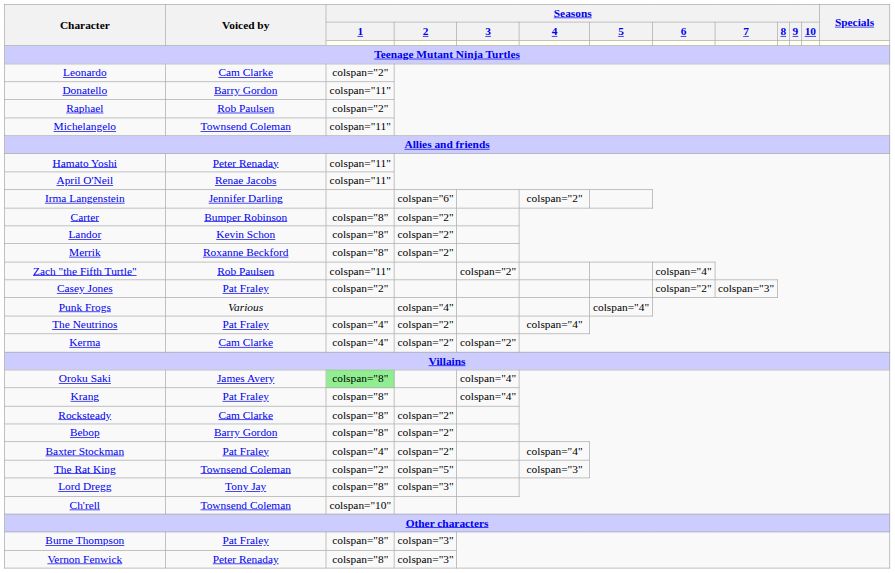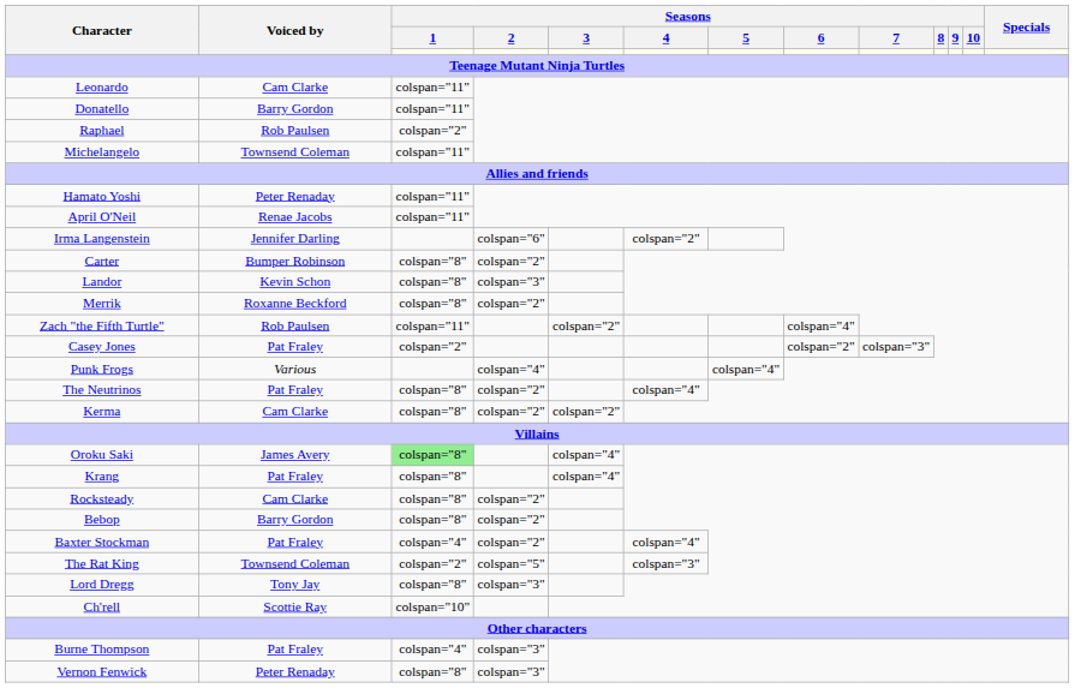 <table class="wikitable plainrowheaders" style="text-align:center;">
 <tr>
 <th scope="col" width="16%" rowspan="3">Character</th>
 <th scope="col" width="16%" rowspan="3">Voiced by</th>
 <th scope="col" colspan="10"><a href='#'>Seasons</a></th>
 <th scope="col" width="7%" rowspan="2"><a href='#'>Specials</a></th>
 </tr>
 <tr>
 <th width="1%"><a href='#'>1</a></th>
 <th width="1%"><a href='#'>2</a></th>
 <th width="1%"><a href='#'>3</a></th>
 <th width="7%"><a href='#'>4</a></th>
 <th width="1%"><a href='#'>5</a></th>
 <th width="1%"><a href='#'>6</a></th>
 <th width="1%"><a href='#'>7</a></th>
 <th width="1%"><a href='#'>8</a></th>
 <th width="1%"><a href='#'>9</a></th>
 <th width="1%"><a href='#'>10</a></th>
 </tr>
 <tr>
 <th style="background:ivory;"></th>
 <th style="background:ivory;"></th>
 <th style="background:ivory;"></th>
 <th style="background:ivory;"></th>
 <th style="background:ivory;"></th>
 <th style="background:ivory;"></th>
 <th style="background:ivory;"></th>
 <th style="background:ivory;"></th>
 <th style="background:ivory;"></th>
 <th style="background:ivory;"></th>
 <th style="background:ivory;"></th>
 </tr>
 <tr>
 <th colspan="13" style="background:#ccf;"><a href='#'>Teenage Mutant Ninja Turtles</a></th>
 </tr>
 <tr>
 <td scope="row"><a href='#'>Leonardo</a></td>
 <td><a href='#'>Cam Clarke</a></td>
-<td>colspan="2" </td>
+<td>colspan="11" </td>
 </tr>
 <tr>
 <td scope="row"><a href='#'>Donatello</a></td>
 <td><a href='#'>Barry Gordon</a></td>
 <td>colspan="11" </td>
 </tr>
 <tr>
 <td scope="row"><a href='#'>Raphael</a></td>
 <td><a href='#'>Rob Paulsen</a></td>
 <td>colspan="2" </td>
 </tr>
 <tr>
 <td scope="row"><a href='#'>Michelangelo</a></td>
 <td><a href='#'>Townsend Coleman</a></td>
 <td>colspan="11" </td>
 </tr>
 <tr>
 <th colspan="13" style="background:#ccf;"><a href='#'>Allies and friends</a></th>
 </tr>
 <tr>
 <td scope="row"><a href='#'>Hamato Yoshi<br></a></td>
 <td><a href='#'>Peter Renaday</a></td>
 <td>colspan="11" </td>
 </tr>
 <tr>
 <td scope="row"><a href='#'>April O'Neil</a></td>
 <td><a href='#'>Renae Jacobs</a></td>
 <td>colspan="11" </td>
 </tr>
 <tr>
 <td scope="row"><a href='#'>Irma Langenstein</a></td>
 <td><a href='#'>Jennifer Darling</a></td>
 <td></td>
 <td>colspan="6" </td>
 <td></td>
 <td>colspan="2" </td>
 <td></td>
 </tr>
 <tr>
 <td scope="row"><a href='#'>Carter</a></td>
 <td><a href='#'>Bumper Robinson</a></td>
 <td>colspan="8" </td>
 <td>colspan="2" </td>
 <td></td>
 </tr>
 <tr>
 <td scope="row"><a href='#'>Landor</a></td>
 <td><a href='#'>Kevin Schon</a></td>
 <td>colspan="8" </td>
-<td>colspan="2" </td>
+<td>colspan="3" </td>
 <td></td>
 </tr>
 <tr>
 <td scope="row"><a href='#'>Merrik</a></td>
 <td><a href='#'>Roxanne Beckford</a></td>
 <td>colspan="8" </td>
 <td>colspan="2" </td>
 <td></td>
 </tr>
 <tr>
 <td scope="row"><a href='#'>Zach "the Fifth Turtle"</a></td>
 <td><a href='#'>Rob Paulsen</a></td>
 <td>colspan="11" </td>
 <td></td>
 <td>colspan="2" </td>
 <td></td>
 <td></td>
 <td>colspan="4" </td>
 </tr>
 <tr>
 <td scope="row"><a href='#'>Casey Jones</a></td>
 <td><a href='#'>Pat Fraley</a></td>
 <td>colspan="2" </td>
 <td></td>
 <td></td>
 <td></td>
 <td></td>
 <td>colspan="2" </td>
 <td>colspan="3" </td>
 </tr>
 <tr>
 <td scope="row"><a href='#'>Punk Frogs</a></td>
 <td><em>Various</em></td>
 <td></td>
 <td>colspan="4" </td>
 <td></td>
 <td></td>
 <td>colspan="4" </td>
 </tr>
 <tr>
 <td scope="row"><a href='#'>The Neutrinos</a></td>
 <td><a href='#'>Pat Fraley</a></td>
-<td>colspan="4" </td>
+<td>colspan="8" </td>
 <td>colspan="2" </td>
 <td></td>
 <td>colspan="4" </td>
 </tr>
 <tr>
 <td scope="row"><a href='#'>Kerma</a></td>
 <td><a href='#'>Cam Clarke</a></td>
-<td>colspan="4" </td>
+<td>colspan="8" </td>
 <td>colspan="2" </td>
 <td>colspan="2" </td>
 </tr>
 <tr>
 <th colspan="13" style="background:#ccf;"><a href='#'>Villains</a></th>
 </tr>
 <tr>
 <td scope="row"><a href='#'>Oroku Saki<br></a></td>
 <td><a href='#'>James Avery</a></td>
 <td style="background: lightgreen;">colspan="8" </td>
 <td></td>
 <td>colspan="4" </td>
 </tr>
 <tr>
 <td scope="row"><a href='#'>Krang</a></td>
 <td><a href='#'>Pat Fraley</a></td>
 <td>colspan="8" </td>
 <td></td>
 <td>colspan="4" </td>
 </tr>
 <tr>
 <td scope="row"><a href='#'>Rocksteady</a></td>
 <td><a href='#'>Cam Clarke</a></td>
 <td>colspan="8" </td>
 <td>colspan="2" </td>
 <td></td>
 </tr>
 <tr>
 <td scope="row"><a href='#'>Bebop</a></td>
 <td><a href='#'>Barry Gordon</a></td>
 <td>colspan="8" </td>
 <td>colspan="2" </td>
 <td></td>
 </tr>
 <tr>
 <td scope="row"><a href='#'>Baxter Stockman</a></td>
 <td><a href='#'>Pat Fraley</a></td>
 <td>colspan="4" </td>
 <td>colspan="2" </td>
 <td></td>
 <td>colspan="4" </td>
 </tr>
 <tr>
 <td scope="row"><a href='#'>The Rat King</a></td>
 <td><a href='#'>Townsend Coleman</a></td>
 <td>colspan="2" </td>
 <td>colspan="5" </td>
 <td></td>
 <td>colspan="3" </td>
 </tr>
 <tr>
 <td scope="row"><a href='#'>Lord Dregg</a></td>
 <td><a href='#'>Tony Jay</a></td>
 <td>colspan="8" </td>
 <td>colspan="3" </td>
 <td></td>
 </tr>
 <tr>
 <td scope="row"><a href='#'>Ch'rell<br></a></td>
-<td><a href='#'>Townsend Coleman</a></td>
+<td><a href='#'>Scottie Ray</a></td>
 <td>colspan="10" </td>
 <td></td>
 </tr>
 <tr>
 <th colspan="13" style="background:#ccf;"><a href='#'>Other characters</a></th>
 </tr>
 <tr>
 <td scope="row"><a href='#'>Burne Thompson</a></td>
 <td><a href='#'>Pat Fraley</a></td>
-<td>colspan="8" </td>
+<td>colspan="4" </td>
 <td>colspan="3" </td>
 </tr>
 <tr>
 <td scope="row"><a href='#'>Vernon Fenwick</a></td>
 <td><a href='#'>Peter Renaday</a></td>
 <td>colspan="8" </td>
 <td>colspan="3" </td>
 </tr>
 </table>
